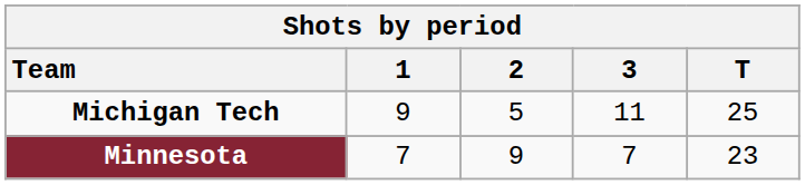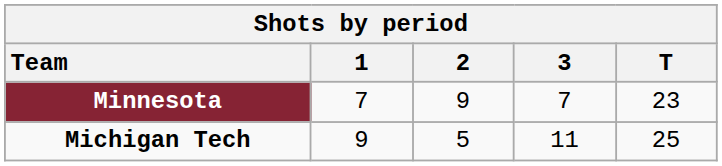 <table class="wikitable" style="width:30em; text-align:right;">
 <tr>
 <th colspan=5>Shots by period</th>
 </tr>
 <tr>
 <th style="width:10em; text-align:left;">Team</th>
 <th style="width:3em;">1</th>
 <th style="width:3em;">2</th>
 <th style="width:3em;">3</th>
 <th style="width:3em;">T</th>
 </tr>
 <tr>
+<td align=center style="color:white; background:#862334; "><strong>Minnesota</strong></td>
+<td align=center>7</td>
+<td align=center>9</td>
+<td align=center>7</td>
+<td align=center>23</td>
+</tr>
+<tr>
 <td align=center><strong>Michigan Tech</strong></td>
 <td align=center>9</td>
 <td align=center>5</td>
 <td align=center>11</td>
 <td align=center>25</td>
 </tr>
-<tr>
-<td align=center style="color:white; background:#862334; "><strong>Minnesota</strong></td>
-<td align=center>7</td>
-<td align=center>9</td>
-<td align=center>7</td>
-<td align=center>23</td>
-</tr>
 </table>
